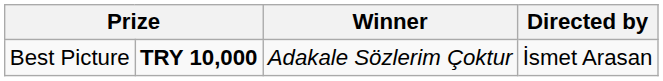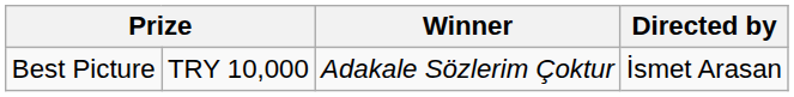 <table class="wikitable">
 <tr>
 <th colspan=2>Prize</th>
 <th>Winner</th>
 <th>Directed by</th>
 </tr>
 <tr>
 <td>Best Picture</td>
-<td><strong>TRY 10,000</strong></td>
+<td>TRY 10,000</td>
 <td><em>Adakale Sözlerim Çoktur</em></td>
 <td>İsmet Arasan</td>
 </tr>
 </table>
